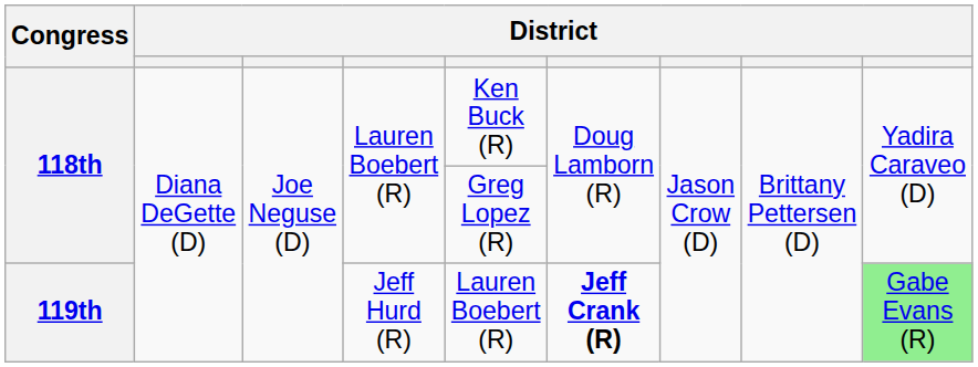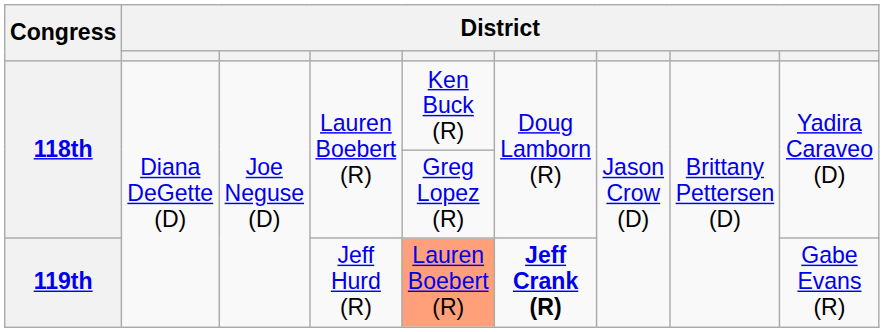 <table class=wikitable style="text-align:center">
 <tr style="height:2em">
 <th scope="col" rowspan=2>Congress</th>
 <th scope="colgroup" colspan=8>District</th>
 </tr>
 <tr>
 <th scope="col"></th>
 <th scope="col"></th>
 <th scope="col"></th>
 <th scope="col"></th>
 <th scope="col"></th>
 <th scope="col"></th>
 <th scope="col"></th>
 <th scope="col"></th>
 </tr>
 <tr style="height:2.5em">
 <th scope="row" rowspan=2><a href='#'>118th</a> </th>
 <td rowspan=3 ><a href='#'>Diana DeGette</a> (D)</td>
 <td rowspan=3 ><a href='#'>Joe Neguse</a> (D)</td>
 <td rowspan=2 ><a href='#'>Lauren Boebert</a> (R)</td>
 <td rowspan=1 ><a href='#'>Ken Buck</a> (R)</td>
 <td rowspan=2 ><a href='#'>Doug Lamborn</a> (R)</td>
 <td rowspan=3 ><a href='#'>Jason Crow</a> (D)</td>
 <td rowspan=3 ><a href='#'>Brittany Pettersen</a> (D)</td>
 <td rowspan=2 ><a href='#'>Yadira Caraveo</a> (D)</td>
 </tr>
 <tr>
 <td colspan=1 ><a href='#'>Greg Lopez</a> (R)</td>
 </tr>
 <tr style="height:2.5em">
 <th scope="row" rowspan=2><a href='#'>119th</a> </th>
 <td rowspan=1 ><a href='#'>Jeff Hurd</a> (R)</td>
-<td rowspan=1 ><a href='#'>Lauren Boebert</a> (R)</td>
+<td rowspan=1  style="background: lightsalmon;"><a href='#'>Lauren Boebert</a> (R)</td>
 <td rowspan=1 ><strong><a href='#'>Jeff Crank</a> (R)</strong></td>
-<td rowspan=1  style="background: lightgreen;"><a href='#'>Gabe Evans</a> (R)</td>
+<td rowspan=1 ><a href='#'>Gabe Evans</a> (R)</td>
 </tr>
 </table>
